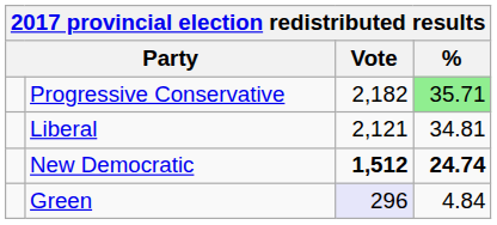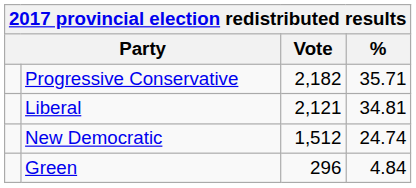 <table class="wikitable">
 <tr>
 <th colspan="4"><a href='#'>2017 provincial election</a> redistributed results</th>
 </tr>
 <tr>
 <th colspan="2">Party</th>
 <th>Vote</th>
 <th>%</th>
 </tr>
 <tr>
 <td> </td>
 <td><a href='#'>Progressive Conservative</a></td>
 <td align=right>2,182</td>
-<td align=right style="background: lightgreen;">35.71</td>
+<td align=right>35.71</td>
 </tr>
 <tr>
 <td> </td>
 <td><a href='#'>Liberal</a></td>
 <td align=right>2,121</td>
 <td align=right>34.81</td>
 </tr>
 <tr>
 <td> </td>
 <td><a href='#'>New Democratic</a></td>
-<td align=right><strong>1,512</strong></td>
-<td align=right><strong>24.74</strong></td>
+<td align=right>1,512</td>
+<td align=right>24.74</td>
 </tr>
 <tr>
 <td> </td>
 <td><a href='#'>Green</a></td>
-<td align=right style="background: lavender;">296</td>
+<td align=right>296</td>
 <td align=right>4.84</td>
 </tr>
 </table>
